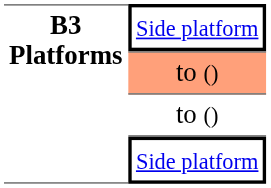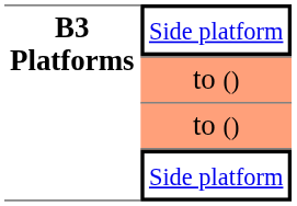 <table table border=0 cellspacing=0 cellpadding=3>
 <tr>
 <td style="border-bottom:solid 1px gray; border-top:solid 1px gray;text-align:center" rowspan="4" valign=top><strong>B3<br>Platforms</strong></td>
 <td style="border-right:solid 2px black;border-left:solid 2px black;border-top:solid 2px black;border-bottom:solid 2px black;text-align:center;" colspan=2><small><a href='#'>Side platform</a></small></td>
 </tr>
 <tr>
 <td style="background: lightsalmon; border-bottom:solid 1px gray; border-top:solid 1px gray;text-align:center;">  to  <small>()</small></td>
 </tr>
 <tr>
-<td style="border-bottom:solid 1px gray;text-align:center;"> to  <small>()</small> </td>
+<td style="background: lightsalmon; border-bottom:solid 1px gray;text-align:center;"> to  <small>()</small> </td>
 </tr>
 <tr>
 <td style="border-right:solid 2px black;border-left:solid 2px black;border-top:solid 2px black;border-bottom:solid 2px black;text-align:center;" colspan=2><small><a href='#'>Side platform</a></small></td>
 </tr>
 </table>
